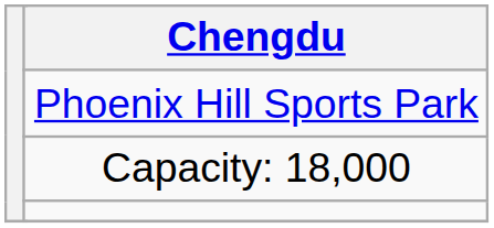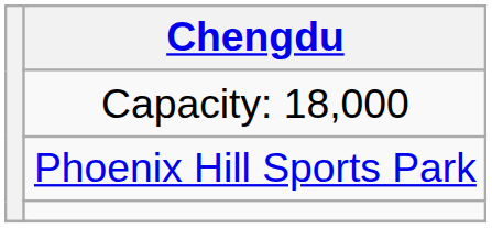 <table class="wikitable" style="text-align:center">
 <tr>
 <th rowspan="4" colspan="2"></th>
 <th><a href='#'>Chengdu</a></th>
 </tr>
 <tr>
-<td><a href='#'>Phoenix Hill Sports Park</a></td>
+<td>Capacity: 18,000</td>
 </tr>
 <tr>
-<td>Capacity: 18,000</td>
+<td><a href='#'>Phoenix Hill Sports Park</a></td>
 </tr>
 <tr>
 <td></td>
 </tr>
 <tr>
 </tr>
 </table>
